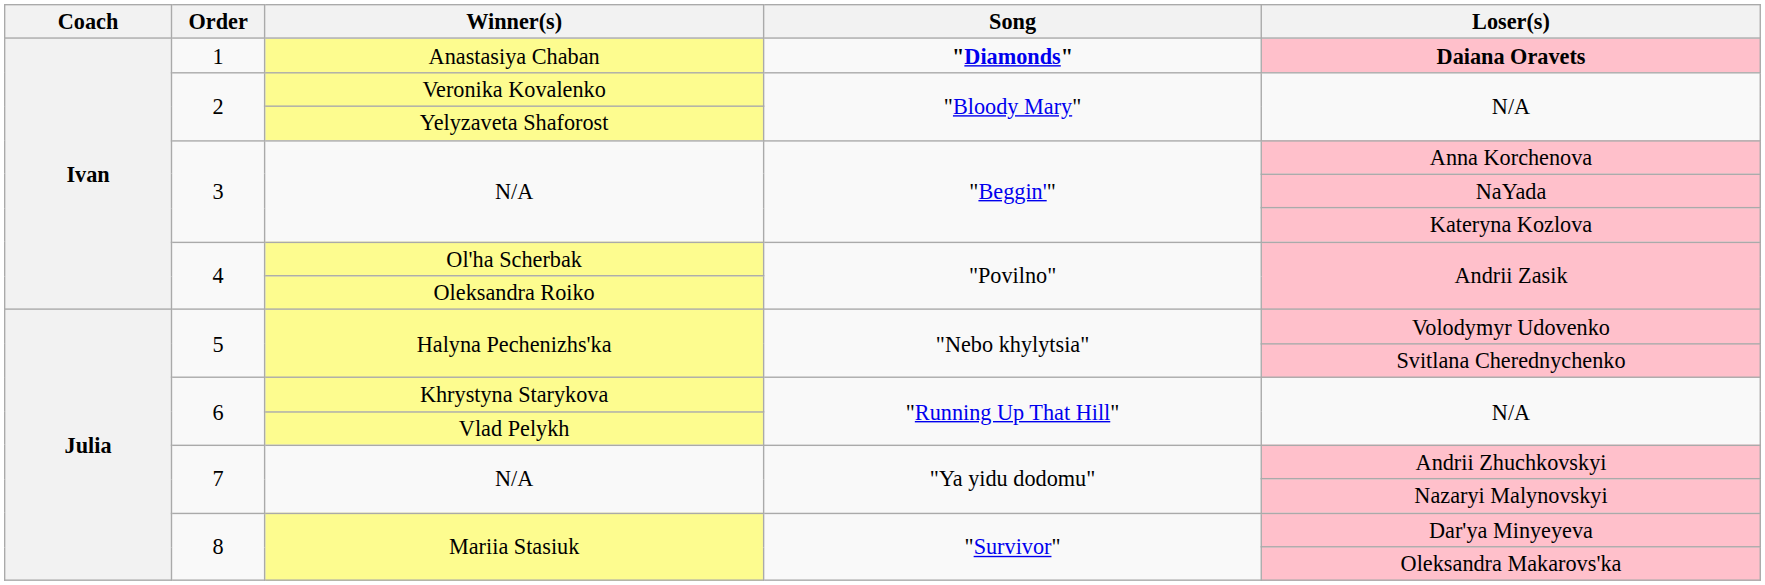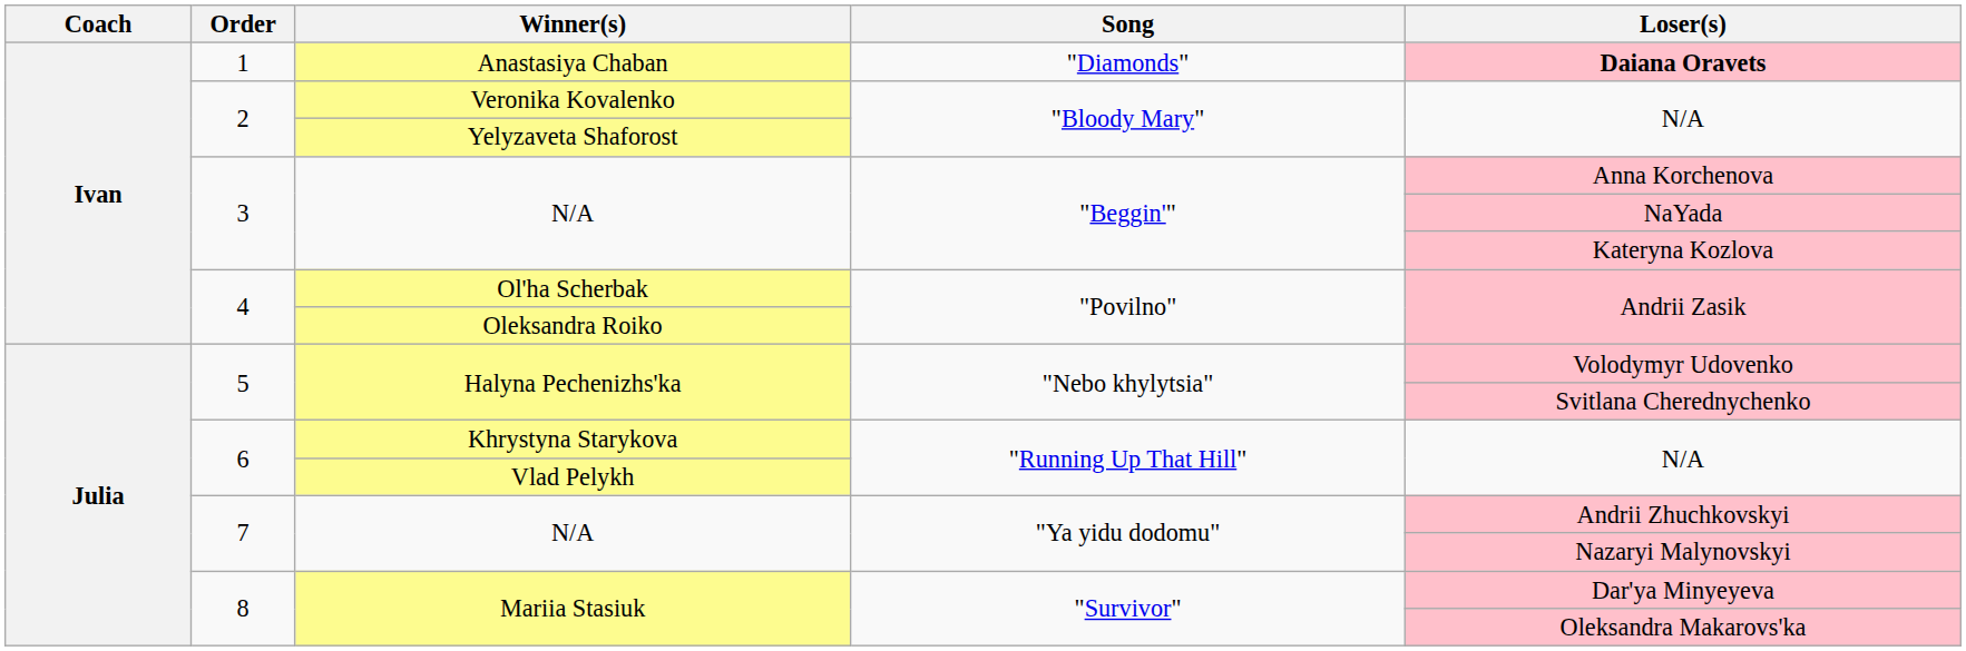 <table class="wikitable" style="text-align:center; line-height:17px; width:100%">
 <tr>
 <th width="04%">Coach</th>
 <th width="01%">Order</th>
 <th width="12%">Winner(s)</th>
 <th width="12%">Song</th>
 <th width="12%">Loser(s)</th>
 </tr>
 <tr>
 <th rowspan="8">Ivan</th>
 <td>1</td>
 <td style="background:#fdfc8f">Anastasiya Chaban</td>
-<td><strong>"<a href='#'>Diamonds</a>"</strong></td>
+<td>"<a href='#'>Diamonds</a>"</td>
 <td style="background:pink"><strong>Daiana Oravets</strong></td>
 </tr>
 <tr>
 <td rowspan="2">2</td>
 <td style="background:#fdfc8f">Veronika Kovalenko</td>
 <td rowspan="2">"<a href='#'>Bloody Mary</a>"</td>
 <td rowspan="2">N/A</td>
 </tr>
 <tr>
 <td style="background:#fdfc8f">Yelyzaveta Shaforost</td>
 </tr>
 <tr>
 <td rowspan="3">3</td>
 <td rowspan="3">N/A</td>
 <td rowspan="3">"<a href='#'>Beggin'</a>"</td>
 <td style="background:pink">Anna Korchenova</td>
 </tr>
 <tr>
 <td style="background:pink">NaYada</td>
 </tr>
 <tr>
 <td style="background:pink">Kateryna Kozlova</td>
 </tr>
 <tr>
 <td rowspan="2">4</td>
 <td style="background:#fdfc8f">Ol'ha Scherbak</td>
 <td rowspan="2">"Povilno"</td>
 <td style="background:pink" rowspan="2">Andrii Zasik</td>
 </tr>
 <tr>
 <td style="background:#fdfc8f">Oleksandra Roiko</td>
 </tr>
 <tr>
 <th rowspan="8">Julia</th>
 <td rowspan="2">5</td>
 <td style="background:#fdfc8f" rowspan="2">Halyna Pechenizhs'ka</td>
 <td rowspan="2">"Nebo khylytsia"</td>
 <td style="background:pink">Volodymyr Udovenko</td>
 </tr>
 <tr>
 <td style="background:pink">Svitlana Cherednychenko</td>
 </tr>
 <tr>
 <td rowspan="2">6</td>
 <td style="background:#fdfc8f">Khrystyna Starykova</td>
 <td rowspan="2">"<a href='#'>Running Up That Hill</a>"</td>
 <td rowspan="2">N/A</td>
 </tr>
 <tr>
 <td style="background:#fdfc8f">Vlad Pelykh</td>
 </tr>
 <tr>
 <td rowspan="2">7</td>
 <td rowspan="2">N/A</td>
 <td rowspan="2">"Ya yidu dodomu"</td>
 <td style="background:pink">Andrii Zhuchkovskyi</td>
 </tr>
 <tr>
 <td style="background:pink">Nazaryi Malynovskyi</td>
 </tr>
 <tr>
 <td rowspan="2">8</td>
 <td rowspan="2" style="background:#fdfc8f">Mariia Stasiuk</td>
 <td rowspan="2">"<a href='#'>Survivor</a>"</td>
 <td style="background:pink">Dar'ya Minyeyeva</td>
 </tr>
 <tr>
 <td style="background:pink">Oleksandra Makarovs'ka</td>
 </tr>
 </table>
